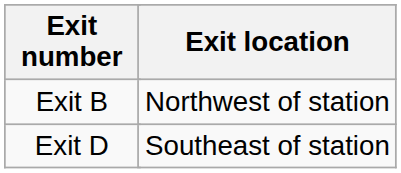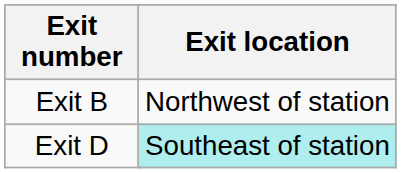 <table class="wikitable">
 <tr>
 <th colspan="2" style="width:70px">Exit number</th>
 <th>Exit location</th>
 </tr>
 <tr>
 <td colspan="2" align="center">Exit B</td>
 <td>Northwest of station</td>
 </tr>
 <tr>
 <td colspan="2" align="center">Exit D</td>
-<td>Southeast of station</td>
+<td style="background: paleturquoise;">Southeast of station</td>
 </tr>
 </table>
